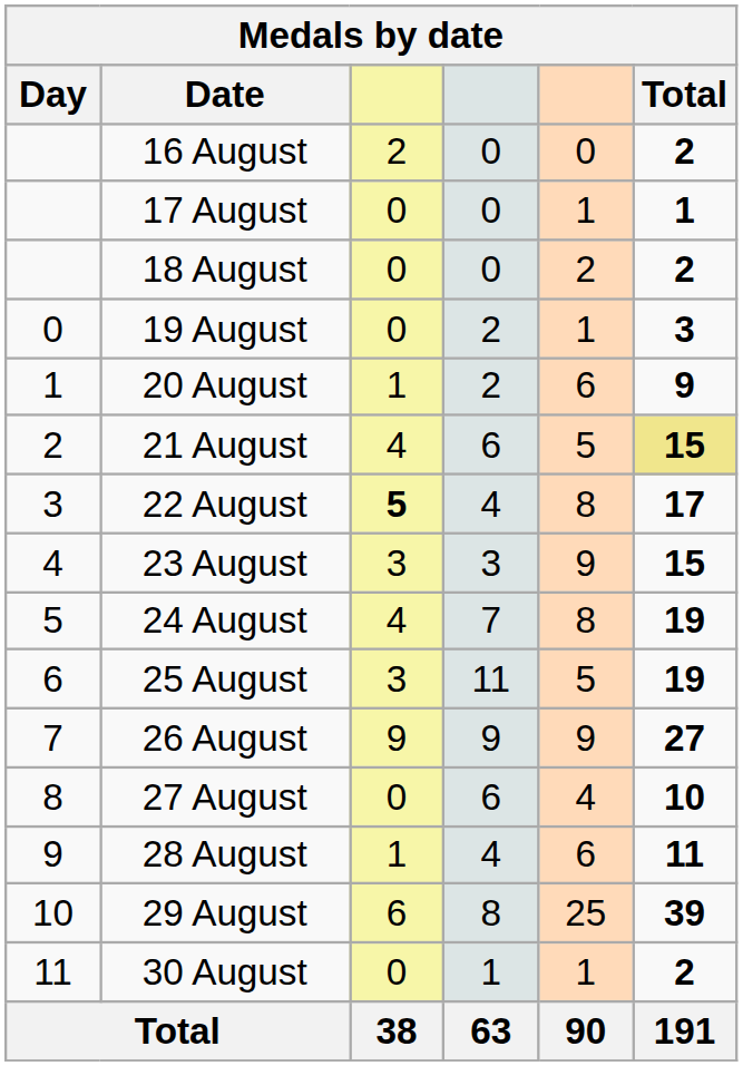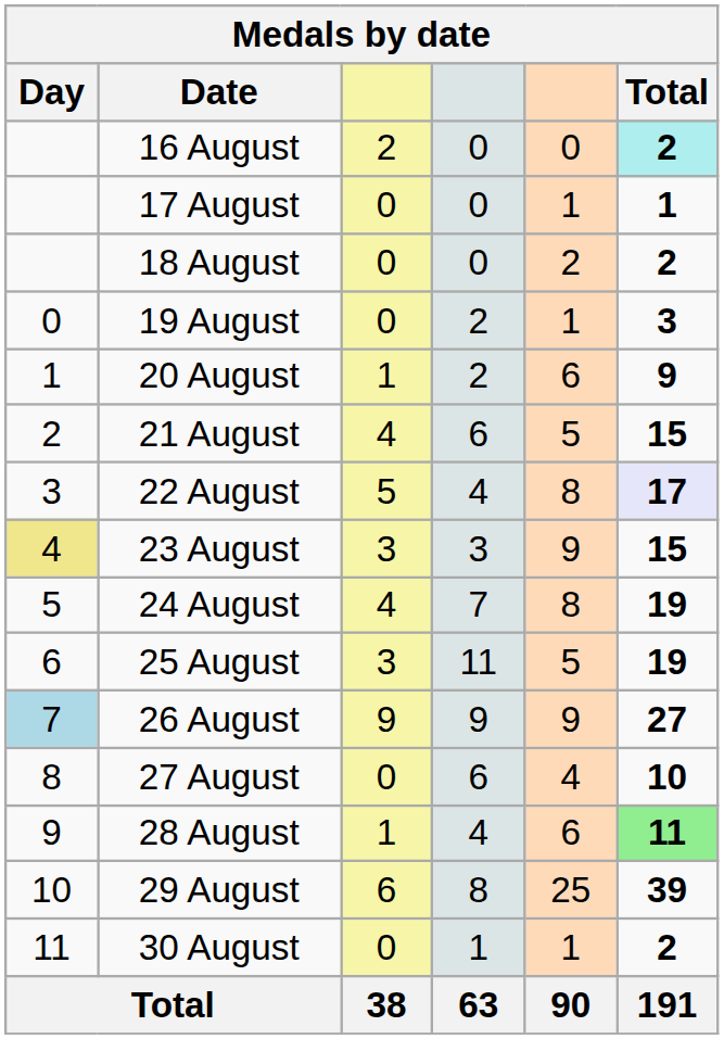 <table class="wikitable sortable" style="font-size:90%; text-align:center;">
 <tr style="background:#efefef;">
 <th colspan=6>Medals by date</th>
 </tr>
 <tr>
 <th width=30>Day</th>
 <th width=90>Date</th>
 <th width=30 style="background:#F7F6A8;"></th>
 <th width=30 style="background:#DCE5E5;"></th>
 <th width=30 style="background:#FFDAB9;"></th>
 <th width=30>Total</th>
 </tr>
 <tr>
 <td></td>
 <td>16 August</td>
 <td style="background:#F7F6A8;">2</td>
 <td style="background:#DCE5E5;">0</td>
 <td style="background:#FFDAB9;">0</td>
-<td><strong>2</strong></td>
+<td style="background: paleturquoise;"><strong>2</strong></td>
 </tr>
 <tr>
 <td></td>
 <td>17 August</td>
 <td style="background:#F7F6A8;">0</td>
 <td style="background:#DCE5E5;">0</td>
 <td style="background:#FFDAB9;">1</td>
 <td><strong>1</strong></td>
 </tr>
 <tr>
 <td></td>
 <td>18 August</td>
 <td style="background:#F7F6A8;">0</td>
 <td style="background:#DCE5E5;">0</td>
 <td style="background:#FFDAB9;">2</td>
 <td><strong>2</strong></td>
 </tr>
 <tr>
 <td>0</td>
 <td>19 August</td>
 <td style="background:#F7F6A8;">0</td>
 <td style="background:#DCE5E5;">2</td>
 <td style="background:#FFDAB9;">1</td>
 <td><strong>3</strong></td>
 </tr>
 <tr>
 <td>1</td>
 <td>20 August</td>
 <td style="background:#F7F6A8;">1</td>
 <td style="background:#DCE5E5;">2</td>
 <td style="background:#FFDAB9;">6</td>
 <td><strong>9</strong></td>
 </tr>
 <tr>
 <td>2</td>
 <td>21 August</td>
 <td style="background:#F7F6A8;">4</td>
 <td style="background:#DCE5E5;">6</td>
 <td style="background:#FFDAB9;">5</td>
-<td style="background: khaki;"><strong>15</strong></td>
+<td><strong>15</strong></td>
 </tr>
 <tr>
 <td>3</td>
 <td>22 August</td>
-<td style="background:#F7F6A8;"><strong>5</strong></td>
+<td style="background:#F7F6A8;">5</td>
 <td style="background:#DCE5E5;">4</td>
 <td style="background:#FFDAB9;">8</td>
-<td><strong>17</strong></td>
+<td style="background: lavender;"><strong>17</strong></td>
 </tr>
 <tr>
-<td>4</td>
+<td style="background: khaki;">4</td>
 <td>23 August</td>
 <td style="background:#F7F6A8;">3</td>
 <td style="background:#DCE5E5;">3</td>
 <td style="background:#FFDAB9;">9</td>
 <td><strong>15</strong></td>
 </tr>
 <tr>
 <td>5</td>
 <td>24 August</td>
 <td style="background:#F7F6A8;">4</td>
 <td style="background:#DCE5E5;">7</td>
 <td style="background:#FFDAB9;">8</td>
 <td><strong>19</strong></td>
 </tr>
 <tr>
 <td>6</td>
 <td>25 August</td>
 <td style="background:#F7F6A8;">3</td>
 <td style="background:#DCE5E5;">11</td>
 <td style="background:#FFDAB9;">5</td>
 <td><strong>19</strong></td>
 </tr>
 <tr>
-<td>7</td>
+<td style="background: lightblue;">7</td>
 <td>26 August</td>
 <td style="background:#F7F6A8;">9</td>
 <td style="background:#DCE5E5;">9</td>
 <td style="background:#FFDAB9;">9</td>
 <td><strong>27</strong></td>
 </tr>
 <tr>
 <td>8</td>
 <td>27 August</td>
 <td style="background:#F7F6A8;">0</td>
 <td style="background:#DCE5E5;">6</td>
 <td style="background:#FFDAB9;">4</td>
 <td><strong>10</strong></td>
 </tr>
 <tr>
 <td>9</td>
 <td>28 August</td>
 <td style="background:#F7F6A8;">1</td>
 <td style="background:#DCE5E5;">4</td>
 <td style="background:#FFDAB9;">6</td>
-<td><strong>11</strong></td>
+<td style="background: lightgreen;"><strong>11</strong></td>
 </tr>
 <tr>
 <td>10</td>
 <td>29 August</td>
 <td style="background:#F7F6A8;">6</td>
 <td style="background:#DCE5E5;">8</td>
 <td style="background:#FFDAB9;">25</td>
 <td><strong>39</strong></td>
 </tr>
 <tr>
 <td>11</td>
 <td>30 August</td>
 <td style="background:#F7F6A8;">0</td>
 <td style="background:#DCE5E5;">1</td>
 <td style="background:#FFDAB9;">1</td>
 <td><strong>2</strong></td>
 </tr>
 <tr>
 <th colspan="2">Total</th>
 <th>38</th>
 <th>63</th>
 <th>90</th>
 <th>191</th>
 </tr>
 </table>
